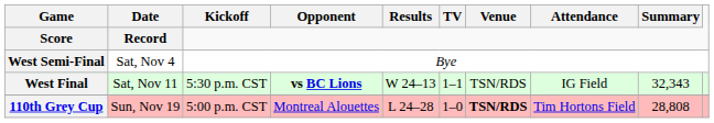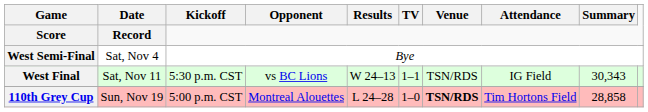 <table class="wikitable" style="font-size: 95%;">
 <tr>
 <th scope="col">Game</th>
 <th scope="col">Date</th>
 <th scope="col">Kickoff</th>
 <th scope="col">Opponent</th>
 <th scope="col">Results</th>
 <th scope="col">TV</th>
 <th scope="col">Venue</th>
 <th scope="col">Attendance</th>
 <th scope="col">Summary</th>
 </tr>
 <tr>
 <th scope="col">Score</th>
 <th scope="col">Record</th>
 </tr>
 <tr bgcolor="#ffffff" align="center">
 <th align="center"><strong>West Semi-Final</strong></th>
 <td align="center">Sat, Nov 4</td>
 <td colspan="8" valign="middle" align="center"><em>Bye</em></td>
 </tr>
 <tr align="center" bgcolor="#ddffdd">
 <th align="center"><strong>West Final</strong></th>
 <td align="center">Sat, Nov 11</td>
 <td align="center">5:30 p.m. CST</td>
-<td align="center"><strong>vs <a href='#'>BC Lions</a></strong></td>
+<td align="center">vs <a href='#'>BC Lions</a></td>
 <td align="center">W 24–13</td>
 <td align="center">1–1</td>
 <td align="center">TSN/RDS</td>
 <td align="center">IG Field</td>
-<td align="center">32,343</td>
+<td align="center">30,343</td>
 <td align="center"></td>
 </tr>
 <tr bgcolor="#ffffff" align="center">
 </tr>
 <tr align="center" bgcolor="#ffbbbb">
 <th align="center"><a href='#'>110th Grey Cup</a></th>
 <td align="center">Sun, Nov 19</td>
 <td align="center">5:00 p.m. CST</td>
 <td align="center"><a href='#'>Montreal Alouettes</a></td>
 <td align="center">L 24–28</td>
 <td align="center">1–0</td>
 <td align="center"><strong>TSN/RDS</strong></td>
 <td align="center"><a href='#'>Tim Hortons Field</a></td>
-<td align="center">28,808</td>
+<td align="center">28,858</td>
 <td align="center"></td>
 </tr>
 </table>
